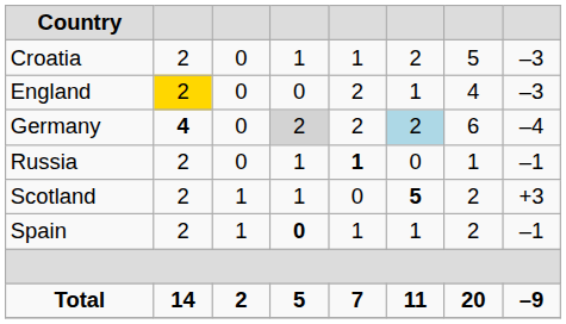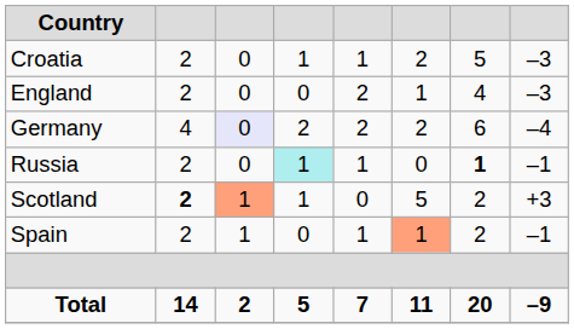 <table class="wikitable" style="text-align: center;">
 <tr>
 <th width="101" style="background:#DCDCDC">Country</th>
 <th width="35" style="background:#DCDCDC"></th>
 <th width="35" style="background:#DCDCDC"></th>
 <th width="35" style="background:#DCDCDC"></th>
 <th width="35" style="background:#DCDCDC"></th>
 <th width="35" style="background:#DCDCDC"></th>
 <th width="35" style="background:#DCDCDC"></th>
 <th width="35" style="background:#DCDCDC"></th>
 </tr>
 <tr>
 <td align=left> Croatia</td>
 <td>2</td>
 <td>0</td>
 <td>1</td>
 <td>1</td>
 <td>2</td>
 <td>5</td>
 <td>–3</td>
 </tr>
 <tr>
 <td align=left> England</td>
-<td style="background: gold;">2</td>
+<td>2</td>
 <td>0</td>
 <td>0</td>
 <td>2</td>
 <td>1</td>
 <td>4</td>
 <td>–3</td>
 </tr>
 <tr>
 <td align=left> Germany</td>
-<td><strong>4</strong></td>
-<td>0</td>
-<td style="background: lightgrey;">2</td>
+<td>4</td>
+<td style="background: lavender;">0</td>
 <td>2</td>
-<td style="background: lightblue;">2</td>
+<td>2</td>
+<td>2</td>
 <td>6</td>
 <td>–4</td>
 </tr>
 <tr>
 <td align=left> Russia</td>
 <td>2</td>
 <td>0</td>
+<td style="background: paleturquoise;">1</td>
 <td>1</td>
+<td>0</td>
 <td><strong>1</strong></td>
-<td>0</td>
-<td>1</td>
 <td>–1</td>
 </tr>
 <tr>
 <td align=left> Scotland</td>
-<td>2</td>
-<td>1</td>
+<td><strong>2</strong></td>
+<td style="background: lightsalmon;">1</td>
 <td>1</td>
 <td>0</td>
-<td><strong>5</strong></td>
+<td>5</td>
 <td>2</td>
 <td>+3</td>
 </tr>
 <tr>
 <td align=left> Spain</td>
 <td>2</td>
 <td>1</td>
-<td><strong>0</strong></td>
+<td>0</td>
 <td>1</td>
-<td>1</td>
+<td style="background: lightsalmon;">1</td>
 <td>2</td>
 <td>–1</td>
 </tr>
 <tr>
 <th colspan=8 height="18" style="background:#DCDCDC"></th>
 </tr>
 <tr>
 <td align-"center"><strong>Total</strong></td>
 <td><strong>14</strong></td>
 <td><strong>2</strong></td>
 <td><strong>5</strong></td>
 <td><strong>7</strong></td>
 <td><strong>11</strong></td>
 <td><strong>20</strong></td>
 <td><strong>–9</strong></td>
 </tr>
 <tr>
 </tr>
 </table>
